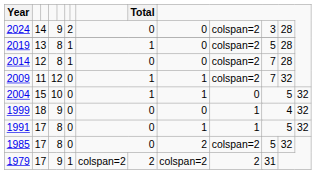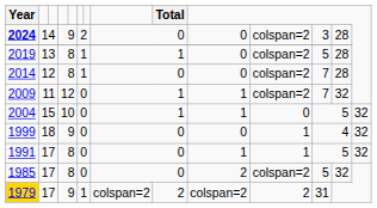 <table class="wikitable" style="text-align:right; padding-left:1em">
 <tr>
 <th align="left">Year</th>
 <td></td>
 <td></td>
 <td></td>
 <td></td>
 <td></td>
 <td></td>
 <td></td>
 <th align="left">Total</th>
 </tr>
 <tr>
-<td><a href='#'>2024</a></td>
+<td><strong><a href='#'>2024</a></strong></td>
 <td colspan=2>14</td>
 <td colspan=2>9</td>
 <td colspan=2>2</td>
 <td colspan=2>0</td>
 <td colspan=2>0</td>
 <td>colspan=2 </td>
 <td colspan=2>3</td>
 <td>28</td>
 </tr>
 <tr>
 </tr>
 <tr>
 <td><a href='#'>2019</a></td>
 <td colspan=2>13</td>
 <td colspan=2>8</td>
 <td colspan=2>1</td>
 <td colspan=2>1</td>
 <td colspan=2>0</td>
 <td>colspan=2 </td>
 <td colspan=2>5</td>
 <td>28</td>
 </tr>
 <tr>
 <td><a href='#'>2014</a></td>
 <td colspan=2>12</td>
 <td colspan=2>8</td>
 <td colspan=2>1</td>
 <td colspan=2>0</td>
 <td colspan=2>0</td>
 <td>colspan=2 </td>
 <td colspan=2>7</td>
 <td>28</td>
 </tr>
 <tr>
 <td><a href='#'>2009</a></td>
 <td colspan=2>11</td>
 <td colspan=2>12</td>
 <td colspan=2>0</td>
 <td colspan=2>1</td>
 <td colspan=2>1</td>
 <td>colspan=2 </td>
 <td colspan=2>7</td>
 <td>32</td>
 </tr>
 <tr>
 <td><a href='#'>2004</a></td>
 <td colspan=2>15</td>
 <td colspan=2>10</td>
 <td colspan=2>0</td>
 <td colspan=2>1</td>
 <td colspan=2>1</td>
 <td colspan=2>0</td>
 <td colspan=2>5</td>
 <td>32</td>
 </tr>
 <tr>
 <td><a href='#'>1999</a></td>
 <td colspan=2>18</td>
 <td colspan=2>9</td>
 <td colspan=2>0</td>
 <td colspan=2>0</td>
 <td colspan=2>0</td>
 <td colspan=2>1</td>
 <td colspan=2>4</td>
 <td>32</td>
 </tr>
 <tr>
 <td><a href='#'>1991</a></td>
 <td colspan=2>17</td>
 <td colspan=2>8</td>
 <td colspan=2>0</td>
 <td colspan=2>0</td>
 <td colspan=2>1</td>
 <td colspan=2>1</td>
 <td colspan=2>5</td>
 <td>32</td>
 </tr>
 <tr>
 <td><a href='#'>1985</a></td>
 <td colspan=2>17</td>
 <td colspan=2>8</td>
 <td colspan=2>0</td>
 <td colspan=2>0</td>
 <td colspan=2>2</td>
 <td>colspan=2 </td>
 <td colspan=2>5</td>
 <td>32</td>
 </tr>
 <tr>
-<td><a href='#'>1979</a></td>
+<td style="background: gold;"><a href='#'>1979</a></td>
 <td colspan=2>17</td>
 <td colspan=2>9</td>
 <td colspan=2>1</td>
 <td>colspan=2 </td>
 <td colspan=2>2</td>
 <td>colspan=2 </td>
 <td colspan=2>2</td>
 <td>31</td>
 </tr>
 </table>
